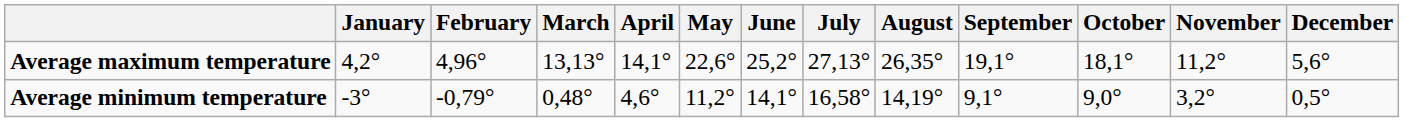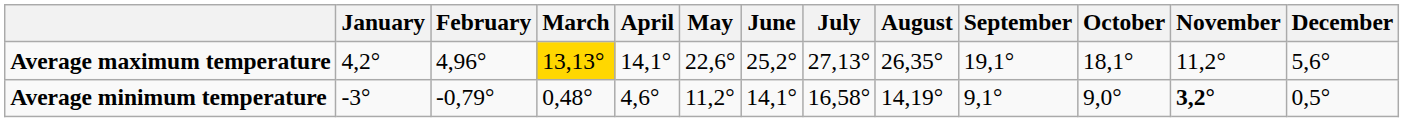 <table class="wikitable">
 <tr>
 <th></th>
 <th>January</th>
 <th>February</th>
 <th>March</th>
 <th>April</th>
 <th>May</th>
 <th>June</th>
 <th>July</th>
 <th>August</th>
 <th>September</th>
 <th>October</th>
 <th>November</th>
 <th>December</th>
 </tr>
 <tr>
 <td><strong>Average maximum temperature</strong></td>
 <td>4,2°</td>
 <td>4,96°</td>
-<td>13,13°</td>
+<td style="background: gold;">13,13°</td>
 <td>14,1°</td>
 <td>22,6°</td>
 <td>25,2°</td>
 <td>27,13°</td>
 <td>26,35°</td>
 <td>19,1°</td>
 <td>18,1°</td>
 <td>11,2°</td>
 <td>5,6°</td>
 </tr>
 <tr>
 <td><strong>Average minimum temperature</strong></td>
 <td>-3°</td>
 <td>-0,79°</td>
 <td>0,48°</td>
 <td>4,6°</td>
 <td>11,2°</td>
 <td>14,1°</td>
 <td>16,58°</td>
 <td>14,19°</td>
 <td>9,1°</td>
 <td>9,0°</td>
-<td>3,2°</td>
+<td><strong>3,2°</strong></td>
 <td>0,5°</td>
 </tr>
 </table>
